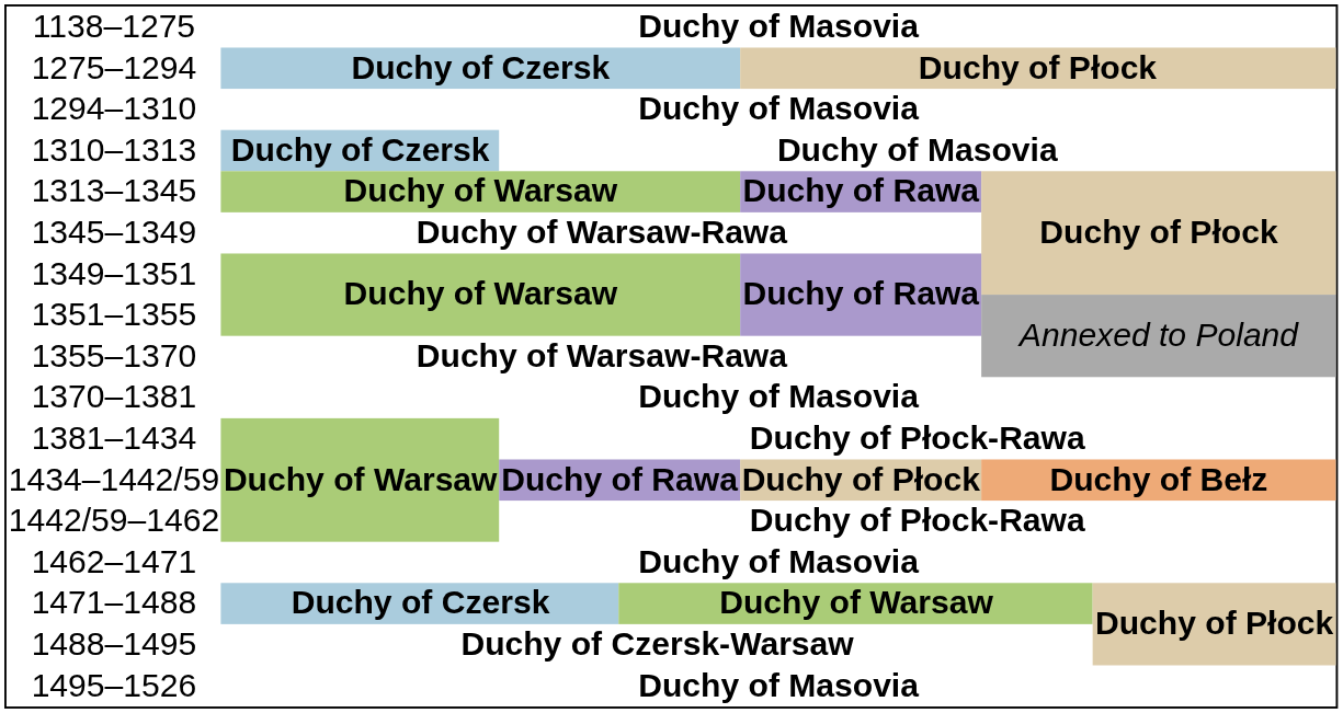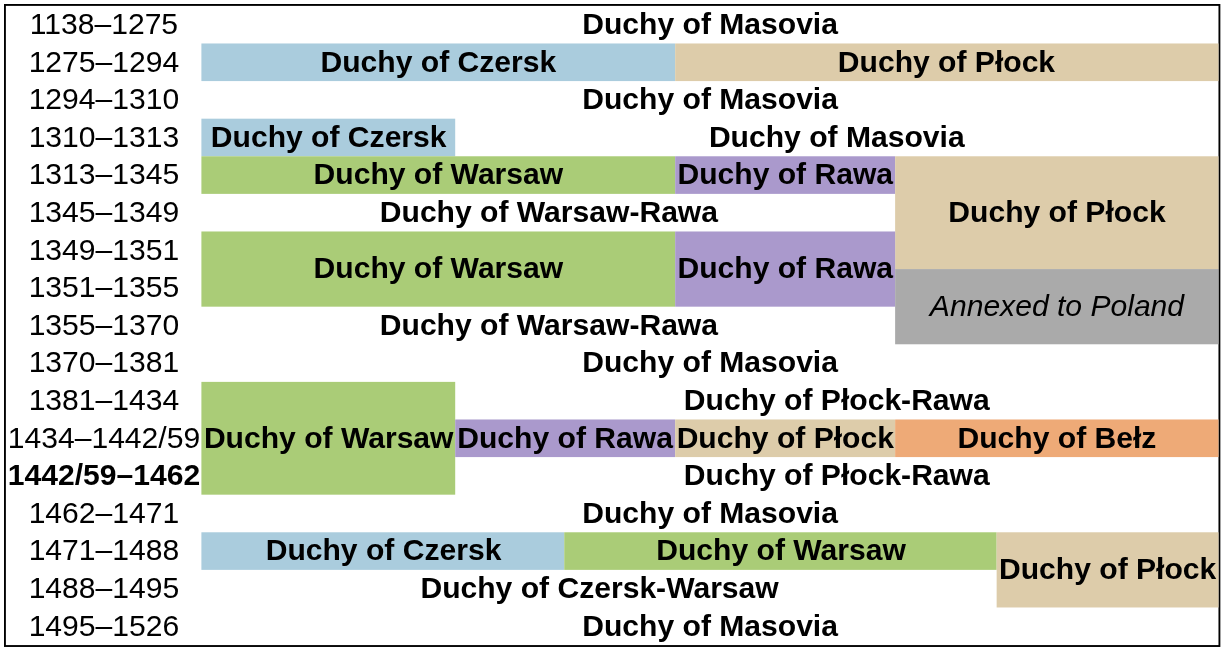 <table style="border-spacing: 0px; border: 1px solid black; text-align: center;">
 <tr>
 <td>1138–1275</td>
 <td colspan=15><strong>Duchy of Masovia</strong></td>
 </tr>
 <tr>
 <td>1275–1294</td>
 <td colspan=6 style="background: #AACCDD;"><strong>Duchy of Czersk</strong></td>
 <td colspan=9 style="background: #DDCCAA;"><strong>Duchy of Płock</strong></td>
 </tr>
 <tr>
 <td>1294–1310</td>
 <td colspan=15><strong>Duchy of Masovia</strong></td>
 </tr>
 <tr>
 <td>1310–1313</td>
 <td colspan=3 style="background: #AACCDD;"><strong>Duchy of Czersk</strong></td>
 <td colspan=12 style="background:#ZZZZZZ;"><strong>Duchy of Masovia</strong></td>
 </tr>
 <tr>
 <td>1313–1345</td>
 <td colspan=6 style="background: #AACC77;"><strong>Duchy of Warsaw</strong></td>
 <td colspan=3 style="background: #AA99CC;"><strong>Duchy of Rawa</strong></td>
 <td colspan=6 rowspan="3" style="background: #DDCCAA;"><strong>Duchy of Płock</strong></td>
 </tr>
 <tr>
 <td>1345–1349</td>
 <td colspan=9 style="background: #ZZZZZZ;"><strong>Duchy of Warsaw-Rawa</strong></td>
 </tr>
 <tr>
 <td>1349–1351</td>
 <td colspan=6 rowspan="2" style="background: #AACC77;"><strong>Duchy of Warsaw</strong></td>
 <td colspan=3 rowspan="2" style="background: #AA99CC;"><strong>Duchy of Rawa</strong></td>
 </tr>
 <tr>
 <td>1351–1355</td>
 <td colspan=6 rowspan="2" style="background: #AAAAAA;"><em>Annexed to Poland</em></td>
 </tr>
 <tr>
 <td>1355–1370</td>
 <td colspan=9 style="background: #ZZZZZZ;"><strong>Duchy of Warsaw-Rawa</strong></td>
 </tr>
 <tr>
 <td>1370–1381</td>
 <td colspan=15><strong>Duchy of Masovia</strong></td>
 </tr>
 <tr>
 <td>1381–1434</td>
 <td colspan=3 rowspan="3" style="background: #AACC77;"><strong>Duchy of Warsaw</strong></td>
 <td colspan=9 style="background: #ZZZZZZ;"><strong>Duchy of Płock-Rawa</strong></td>
 </tr>
 <tr>
 <td>1434–1442/59</td>
 <td colspan=3 style="background: #AA99CC;"><strong>Duchy of Rawa</strong></td>
 <td colspan=3 style="background: #DDCCAA;"><strong>Duchy of Płock</strong></td>
 <td colspan=3 style="background: #EEAA77;"><strong>Duchy of Bełz</strong></td>
 </tr>
 <tr>
-<td>1442/59–1462</td>
+<td><strong>1442/59–1462</strong></td>
 <td colspan=12 style="background: #ZZZZZZ;"><strong>Duchy of Płock-Rawa</strong></td>
 </tr>
 <tr>
 <td>1462–1471</td>
 <td colspan=15 style="background: #ZZZZZZ;"><strong>Duchy of Masovia</strong></td>
 </tr>
 <tr>
 <td>1471–1488</td>
 <td colspan=5 style="background: #AACCDD;"><strong>Duchy of Czersk</strong></td>
 <td colspan=5 style="background: #AACC77;"><strong>Duchy of Warsaw</strong></td>
 <td colspan=5 rowspan="2" style="background: #DDCCAA;"><strong>Duchy of Płock</strong></td>
 </tr>
 <tr>
 <td>1488–1495</td>
 <td colspan=10 style="background: #ZZZZZZ;"><strong>Duchy of Czersk-Warsaw</strong></td>
 </tr>
 <tr>
 <td>1495–1526</td>
 <td colspan=15 style="background: #ZZZZZZ;"><strong>Duchy of Masovia</strong></td>
 </tr>
 <tr>
 </tr>
 </table>
